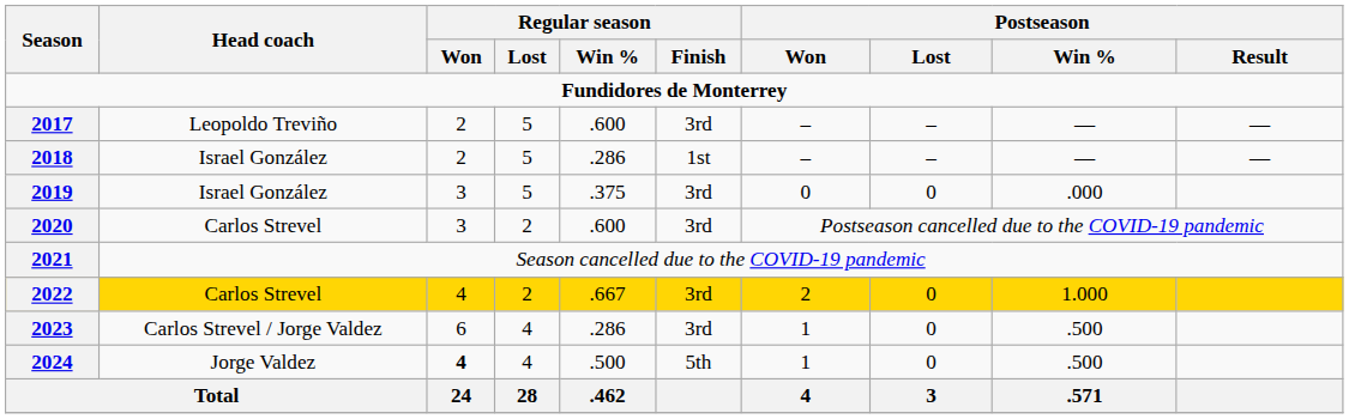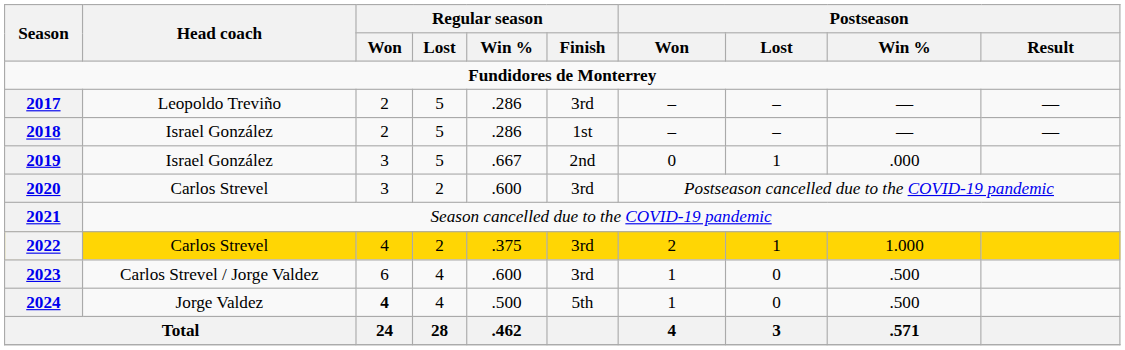 <table class="wikitable" style="font-size: 95%; text-align:center; width:65em">
 <tr>
 <th rowspan="2">Season</th>
 <th rowspan="2">Head coach</th>
 <th colspan="4">Regular season</th>
 <th colspan="4">Postseason</th>
 </tr>
 <tr>
 <th>Won</th>
 <th>Lost</th>
 <th>Win %</th>
 <th>Finish</th>
 <th>Won</th>
 <th>Lost</th>
 <th>Win %</th>
 <th>Result</th>
 </tr>
 <tr>
 <td colspan="10"><strong>Fundidores de Monterrey</strong></td>
 </tr>
 <tr>
 <th><a href='#'>2017</a></th>
 <td>Leopoldo Treviño</td>
 <td>2</td>
 <td>5</td>
-<td>.600</td>
+<td>.286</td>
 <td>3rd </td>
 <td>–</td>
 <td>–</td>
 <td>—</td>
 <td>—</td>
 </tr>
 <tr>
 <th><a href='#'>2018</a></th>
 <td>Israel González</td>
 <td>2</td>
 <td>5</td>
 <td>.286</td>
 <td>1st </td>
 <td>–</td>
 <td>–</td>
 <td>—</td>
 <td>—</td>
 </tr>
 <tr>
 <th><a href='#'>2019</a></th>
 <td>Israel González</td>
 <td>3</td>
 <td>5</td>
-<td>.375</td>
-<td>3rd </td>
+<td>.667</td>
+<td>2nd </td>
 <td>0</td>
-<td>0</td>
+<td>1</td>
 <td>.000</td>
 <td></td>
 </tr>
 <tr>
 <th><a href='#'>2020</a></th>
 <td>Carlos Strevel</td>
 <td>3</td>
 <td>2</td>
 <td>.600</td>
 <td>3rd </td>
 <td colspan=4><em>Postseason cancelled due to the <a href='#'>COVID-19 pandemic</a></em></td>
 </tr>
 <tr>
 <th><a href='#'>2021</a></th>
 <td colspan=9><em>Season cancelled due to the <a href='#'>COVID-19 pandemic</a></em></td>
 </tr>
 <tr style="background:#FFD604;">
 <th><a href='#'>2022</a></th>
 <td>Carlos Strevel</td>
 <td>4</td>
 <td>2</td>
-<td>.667</td>
+<td>.375</td>
 <td>3rd </td>
 <td>2</td>
-<td>0</td>
+<td>1</td>
 <td>1.000</td>
 <td> <br> </td>
 </tr>
 <tr>
 <th><a href='#'>2023</a></th>
 <td>Carlos Strevel / Jorge Valdez</td>
 <td>6</td>
 <td>4</td>
-<td>.286</td>
+<td>.600</td>
 <td>3rd </td>
 <td>1</td>
 <td>0</td>
 <td>.500</td>
 <td> <br> </td>
 </tr>
 <tr>
 <th><a href='#'>2024</a></th>
 <td>Jorge Valdez</td>
 <td><strong>4</strong></td>
 <td>4</td>
 <td>.500</td>
 <td>5th </td>
 <td>1</td>
 <td>0</td>
 <td>.500</td>
 <td> <br> </td>
 </tr>
 <tr>
 <th colspan="2">Total</th>
 <th>24</th>
 <th>28</th>
 <th>.462</th>
 <th></th>
 <th>4</th>
 <th>3</th>
 <th>.571</th>
 <th></th>
 </tr>
 <tr>
 </tr>
 </table>
